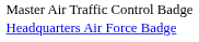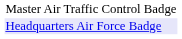 <table>
 <tr>
 <td> Master Air Traffic Control Badge</td>
 </tr>
 <tr>
-<td> <a href='#'>Headquarters Air Force Badge</a></td>
+<td style="background: lavender;"> <a href='#'>Headquarters Air Force Badge</a></td>
 </tr>
 </table>
